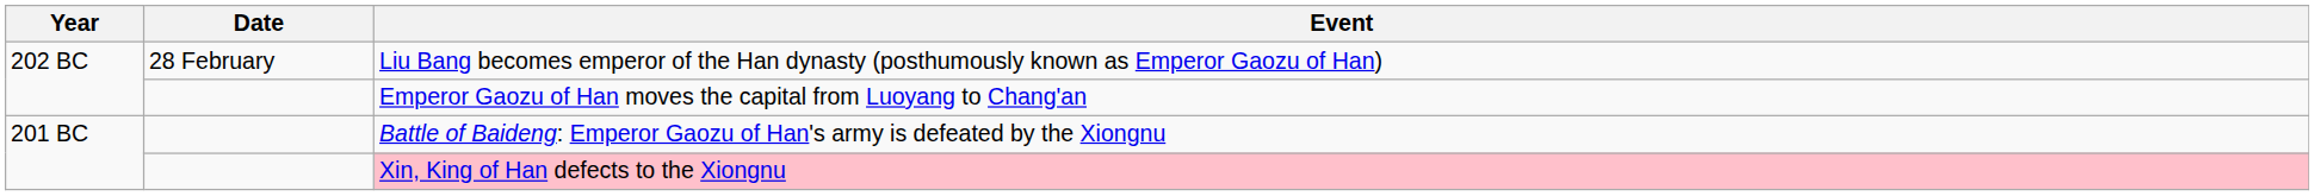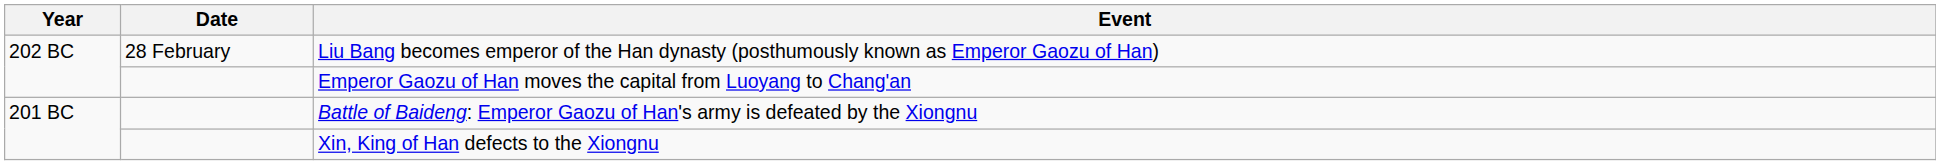 <table class="wikitable" style="width:100%;">
 <tr>
 <th style="width:6%">Year</th>
 <th style="width:10%">Date</th>
 <th>Event</th>
 </tr>
 <tr>
 <td rowspan="2" style="vertical-align:top;">202 BC</td>
 <td>28 February</td>
 <td><a href='#'>Liu Bang</a> becomes emperor of the Han dynasty (posthumously known as <a href='#'>Emperor Gaozu of Han</a>)</td>
 </tr>
 <tr>
 <td></td>
 <td><a href='#'>Emperor Gaozu of Han</a> moves the capital from <a href='#'>Luoyang</a> to <a href='#'>Chang'an</a></td>
 </tr>
 <tr>
 <td rowspan="2" style="vertical-align:top;">201 BC</td>
 <td></td>
 <td><em><a href='#'>Battle of Baideng</a></em>: <a href='#'>Emperor Gaozu of Han</a>'s army is defeated by the <a href='#'>Xiongnu</a></td>
 </tr>
 <tr>
 <td></td>
-<td style="background: pink;"><a href='#'>Xin, King of Han</a> defects to the <a href='#'>Xiongnu</a></td>
+<td><a href='#'>Xin, King of Han</a> defects to the <a href='#'>Xiongnu</a></td>
 </tr>
 </table>
